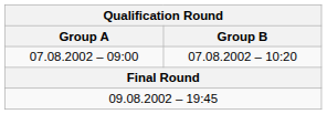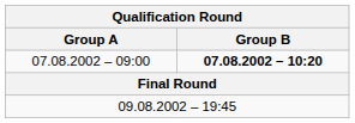 <table class="wikitable" style=" text-align:center; font-size:110%;" width="35%">
 <tr>
 <th colspan="2">Qualification Round</th>
 </tr>
 <tr>
 <th>Group A</th>
 <th>Group B</th>
 </tr>
 <tr>
 <td>07.08.2002 – 09:00</td>
-<td>07.08.2002 – 10:20</td>
+<td><strong>07.08.2002 – 10:20</strong></td>
 </tr>
 <tr>
 <th colspan="2">Final Round</th>
 </tr>
 <tr>
 <td colspan="2">09.08.2002 – 19:45</td>
 </tr>
 </table>
